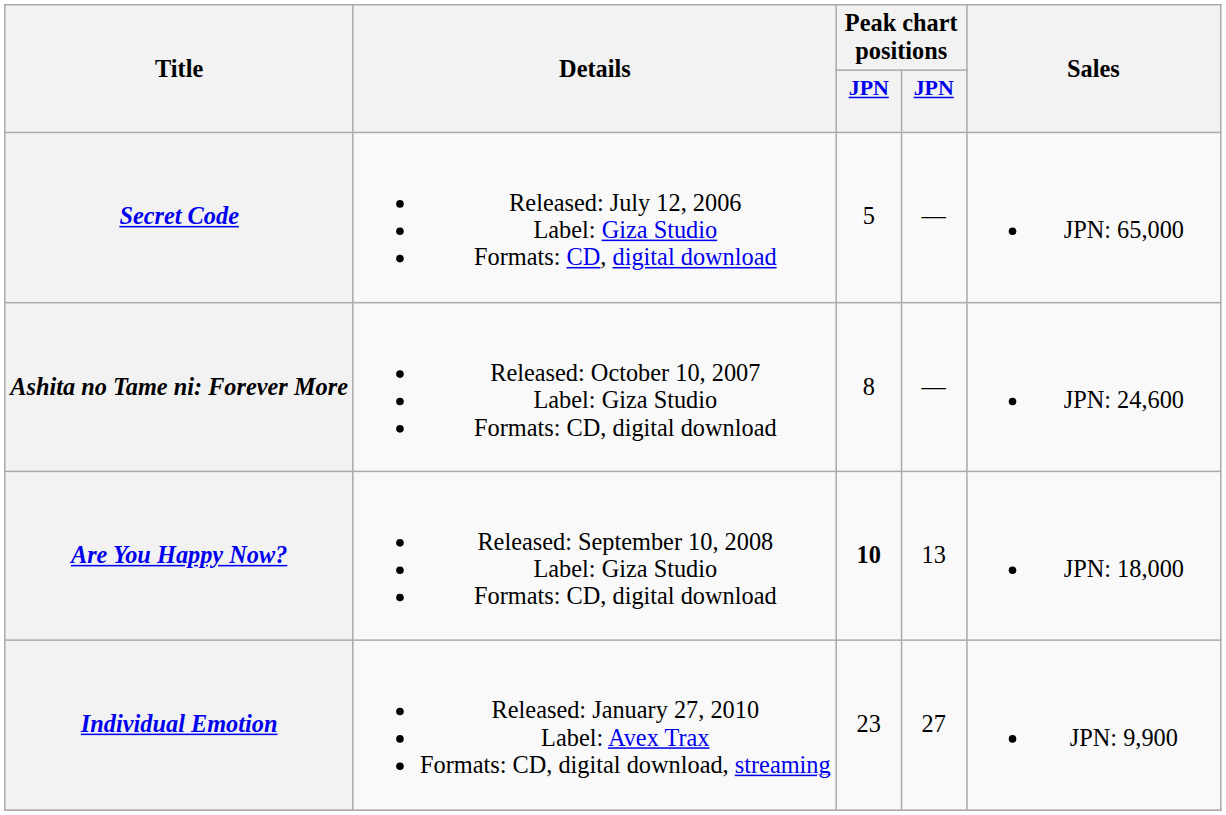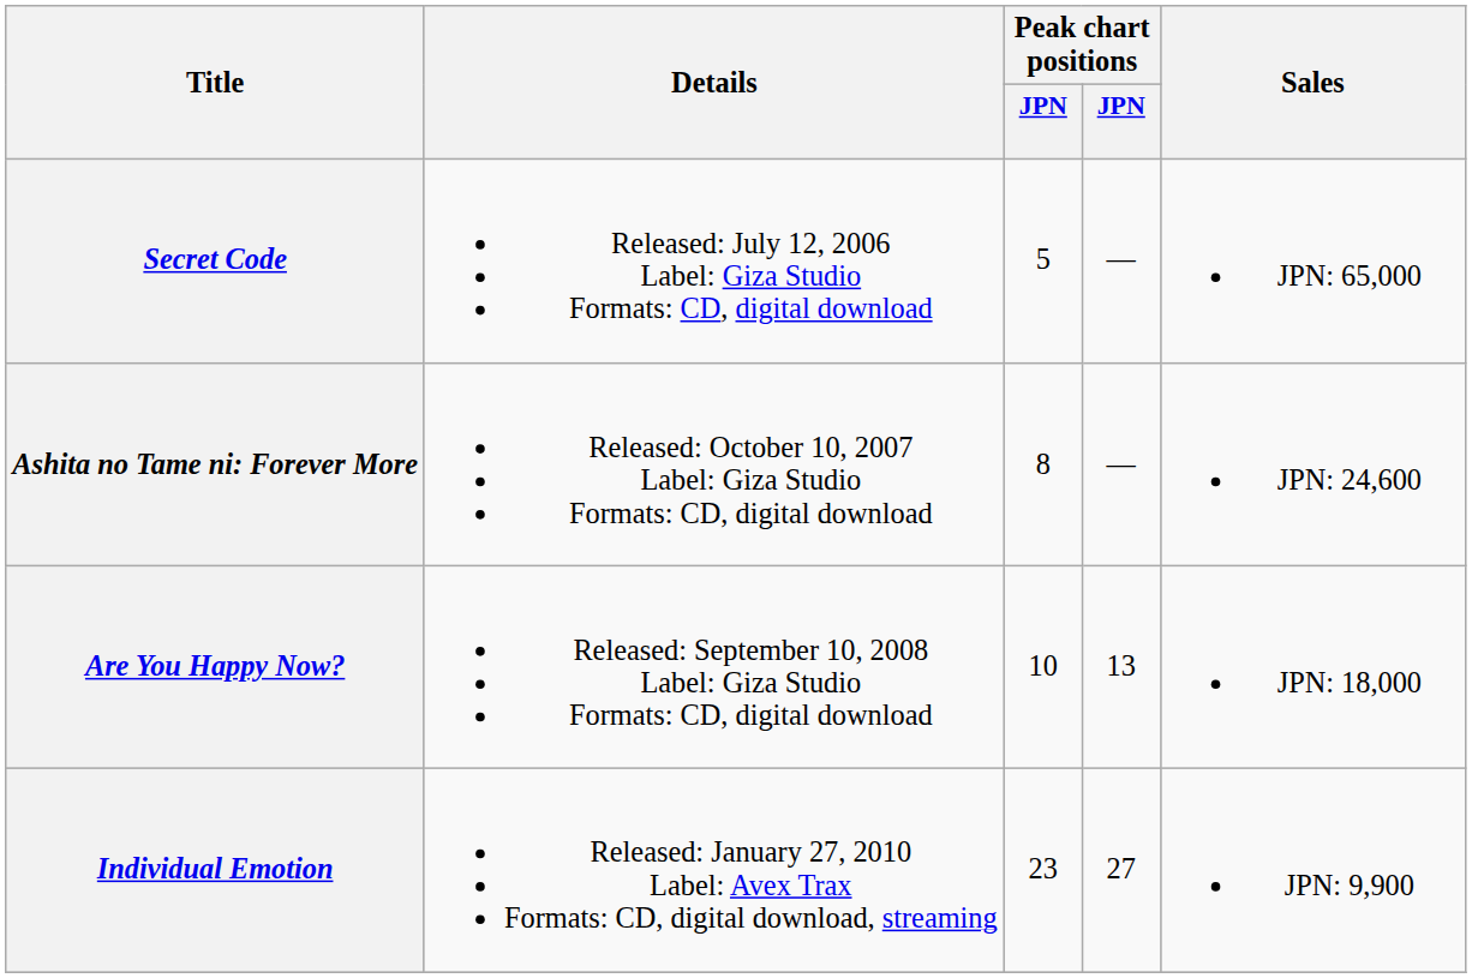 <table class="wikitable plainrowheaders" style="text-align:center;">
 <tr>
 <th scope="col" rowspan="2">Title</th>
 <th scope="col" rowspan="2">Details</th>
 <th colspan="2" scope="col">Peak chart positions</th>
 <th style="width:10em;" rowspan="2">Sales</th>
 </tr>
 <tr>
 <th scope="col" style="width:2.5em;font-size:90%;"><a href='#'>JPN<br></a><br></th>
 <th scope="col" style="width:2.5em;font-size:90%;"><a href='#'>JPN<br></a><br></th>
 </tr>
 <tr>
 <th scope="row"><em><a href='#'>Secret Code</a></em></th>
 <td><br><ul><li>Released: July 12, 2006</li><li>Label: <a href='#'>Giza Studio</a></li><li>Formats: <a href='#'>CD</a>, <a href='#'>digital download</a></li></ul></td>
 <td>5</td>
 <td>—</td>
 <td><br><ul><li>JPN: 65,000</li></ul></td>
 </tr>
 <tr>
 <th scope="row"><em>Ashita no Tame ni: Forever More</em></th>
 <td><br><ul><li>Released: October 10, 2007</li><li>Label: Giza Studio</li><li>Formats: CD, digital download</li></ul></td>
 <td>8</td>
 <td>—</td>
 <td><br><ul><li>JPN: 24,600</li></ul></td>
 </tr>
 <tr>
 <th scope="row"><em><a href='#'>Are You Happy Now?</a></em></th>
 <td><br><ul><li>Released: September 10, 2008</li><li>Label: Giza Studio</li><li>Formats: CD, digital download</li></ul></td>
-<td><strong>10</strong></td>
+<td>10</td>
 <td>13</td>
 <td><br><ul><li>JPN: 18,000</li></ul></td>
 </tr>
 <tr>
 <th scope="row"><em><a href='#'>Individual Emotion</a></em></th>
 <td><br><ul><li>Released: January 27, 2010</li><li>Label: <a href='#'>Avex Trax</a></li><li>Formats: CD, digital download, <a href='#'>streaming</a></li></ul></td>
 <td>23</td>
 <td>27</td>
 <td><br><ul><li>JPN: 9,900</li></ul></td>
 </tr>
 <tr>
 </tr>
 </table>
